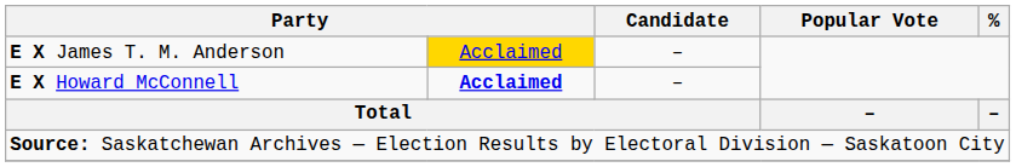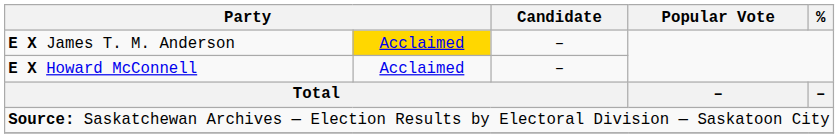 <table class="wikitable">
 <tr>
 <th colspan="2">Party</th>
 <th>Candidate</th>
 <th>Popular Vote</th>
 <th>%</th>
 </tr>
 <tr>
 <td><strong>E</strong> <strong>X</strong> James T. M. Anderson</td>
 <td align=center style="background: gold;"><a href='#'>Acclaimed</a></td>
 <td align=center>–</td>
 </tr>
 <tr>
 <td><strong>E</strong> <strong>X</strong> <a href='#'>Howard McConnell</a></td>
-<td align=center><strong><a href='#'>Acclaimed</a></strong></td>
+<td align=center><a href='#'>Acclaimed</a></td>
 <td align=center>–</td>
 </tr>
 <tr>
 <th colspan=3>Total</th>
 <th>–</th>
 <th>–</th>
 </tr>
 <tr>
 <td align="center" colspan=5><strong>Source:</strong> Saskatchewan Archives — Election Results by Electoral Division — Saskatoon City</td>
 </tr>
 <tr>
 </tr>
 </table>
